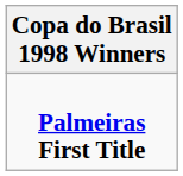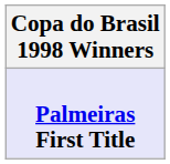 <table class="wikitable" style="text-align: center; margin: 0 auto;">
 <tr>
 <th>Copa do Brasil<br>1998 Winners</th>
 </tr>
 <tr>
-<td><br><strong><a href='#'>Palmeiras</a></strong><br><strong>First Title</strong></td>
+<td style="background: lavender;"><br><strong><a href='#'>Palmeiras</a></strong><br><strong>First Title</strong></td>
 </tr>
 </table>
